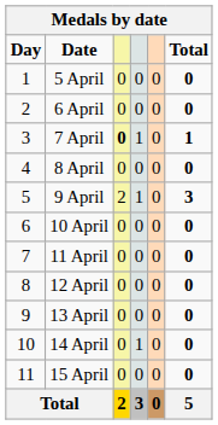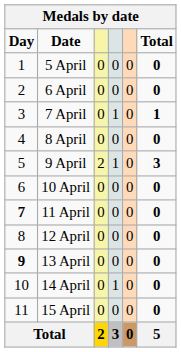 <table class="wikitable" style="font-size:85%;float:right;text-align:center">
 <tr>
 <th colspan=6>Medals by date</th>
 </tr>
 <tr align=center>
 <td><strong>Day</strong></td>
 <td><strong>Date</strong></td>
 <td bgcolor=#f7f6a8></td>
 <td bgcolor=#dce5e5></td>
 <td bgcolor=#ffdab9></td>
 <td><strong>Total</strong></td>
 </tr>
 <tr align=centre>
 <td>1</td>
 <td>5 April</td>
 <td bgcolor=#f7f6a8>0</td>
 <td bgcolor=#dce5e5>0</td>
 <td bgcolor=#ffdab9>0</td>
 <td><strong>0</strong></td>
 </tr>
 <tr align=center>
 <td>2</td>
 <td>6 April</td>
 <td bgcolor=#f7f6a8>0</td>
 <td bgcolor=#dce5e5>0</td>
 <td bgcolor=#ffdab9>0</td>
 <td><strong>0</strong></td>
 </tr>
 <tr align=center>
 <td>3</td>
 <td>7 April</td>
-<td bgcolor=#f7f6a8><strong>0</strong></td>
+<td bgcolor=#f7f6a8>0</td>
 <td bgcolor=#dce5e5>1</td>
 <td bgcolor=#ffdab9>0</td>
 <td><strong>1</strong></td>
 </tr>
 <tr align=center>
 <td>4</td>
 <td>8 April</td>
 <td bgcolor=#f7f6a8>0</td>
 <td bgcolor=#dce5e5>0</td>
 <td bgcolor=#ffdab9>0</td>
 <td><strong>0</strong></td>
 </tr>
 <tr align=center>
 <td>5</td>
 <td>9 April</td>
 <td bgcolor=#f7f6a8>2</td>
 <td bgcolor=#dce5e5>1</td>
 <td bgcolor=#ffdab9>0</td>
 <td><strong>3</strong></td>
 </tr>
 <tr align=center>
 <td>6</td>
 <td>10 April</td>
 <td bgcolor=#f7f6a8>0</td>
 <td bgcolor=#dce5e5>0</td>
 <td bgcolor=#ffdab9>0</td>
 <td><strong>0</strong></td>
 </tr>
 <tr align=center>
-<td>7</td>
+<td><strong>7</strong></td>
 <td>11 April</td>
 <td bgcolor=#f7f6a8>0</td>
 <td bgcolor=#dce5e5>0</td>
 <td bgcolor=#ffdab9>0</td>
 <td><strong>0</strong></td>
 </tr>
 <tr align=center>
 <td>8</td>
 <td>12 April</td>
 <td bgcolor=#f7f6a8>0</td>
 <td bgcolor=#dce5e5>0</td>
 <td bgcolor=#ffdab9>0</td>
 <td><strong>0</strong></td>
 </tr>
 <tr align=center>
-<td>9</td>
+<td><strong>9</strong></td>
 <td>13 April</td>
 <td bgcolor=#f7f6a8>0</td>
 <td bgcolor=#dce5e5>0</td>
 <td bgcolor=#ffdab9>0</td>
 <td><strong>0</strong></td>
 </tr>
 <tr align=center>
 <td>10</td>
 <td>14 April</td>
 <td bgcolor=#f7f6a8>0</td>
 <td bgcolor=#dce5e5>1</td>
 <td bgcolor=#ffdab9>0</td>
 <td><strong>0</strong></td>
 </tr>
 <tr align=center>
 <td>11</td>
 <td>15 April</td>
 <td bgcolor=#f7f6a8>0</td>
 <td bgcolor=#dce5e5>0</td>
 <td bgcolor=#ffdab9>0</td>
 <td><strong>0</strong></td>
 </tr>
 <tr align=center>
 <th colspan=2!bgcolor=#efefef>Total</th>
 <th style="background:gold;">2</th>
 <th style="background:silver;">3</th>
 <th style="background:#c96;">0</th>
 <th>5</th>
 </tr>
 </table>
